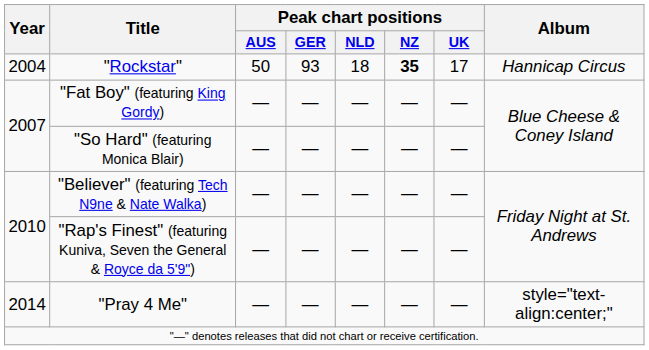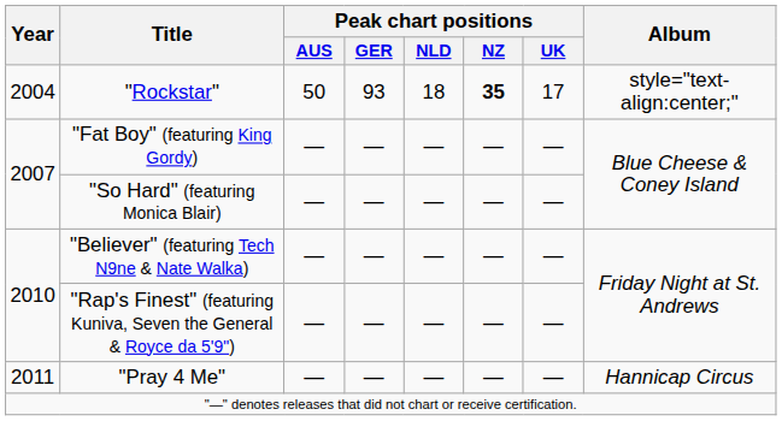 <table class="wikitable" style="text-align:center;">
 <tr>
 <th rowspan="2" style="width:33px;">Year</th>
 <th rowspan="2" style="width:170px;">Title</th>
 <th colspan="5">Peak chart positions</th>
 <th rowspan="2" style="width:145px;">Album</th>
 </tr>
 <tr>
 <th style="width:3em; font-size:85%"><a href='#'>AUS</a><br></th>
 <th style="width:3em; font-size:85%"><a href='#'>GER</a><br></th>
 <th style="width:3em; font-size:85%"><a href='#'>NLD</a><br></th>
 <th style="width:3em; font-size:85%"><a href='#'>NZ</a><br></th>
 <th style="width:3em; font-size:85%"><a href='#'>UK</a><br></th>
 </tr>
 <tr>
 <td style="text-align:center;">2004</td>
 <td>"<a href='#'>Rockstar</a>"</td>
 <td style="text-align:center;">50</td>
 <td style="text-align:center;">93</td>
 <td style="text-align:center;">18</td>
 <td style="text-align:center;"><strong>35</strong></td>
 <td style="text-align:center;">17</td>
-<td style="text-align:center;"><em>Hannicap Circus</em></td>
+<td>style="text-align:center;"</td>
 </tr>
 <tr>
 <td style="text-align:center;" rowspan="2">2007</td>
 <td>"Fat Boy" <small>(featuring <a href='#'>King Gordy</a>)</small></td>
 <td style="text-align:center;">—</td>
 <td style="text-align:center;">—</td>
 <td style="text-align:center;">—</td>
 <td style="text-align:center;">—</td>
 <td style="text-align:center;">—</td>
 <td style="text-align:center;" rowspan="2"><em>Blue Cheese & Coney Island</em></td>
 </tr>
 <tr>
 <td>"So Hard" <small>(featuring Monica Blair)</small></td>
 <td style="text-align:center;">—</td>
 <td style="text-align:center;">—</td>
 <td style="text-align:center;">—</td>
 <td style="text-align:center;">—</td>
 <td style="text-align:center;">—</td>
 </tr>
 <tr>
 <td style="text-align:center;" rowspan="2">2010</td>
 <td>"Believer" <small>(featuring <a href='#'>Tech N9ne</a> & <a href='#'>Nate Walka</a>)</small></td>
 <td style="text-align:center;">—</td>
 <td style="text-align:center;">—</td>
 <td style="text-align:center;">—</td>
 <td style="text-align:center;">—</td>
 <td style="text-align:center;">—</td>
 <td style="text-align:center;" rowspan="2"><em>Friday Night at St. Andrews</em></td>
 </tr>
 <tr>
 <td>"Rap's Finest" <small>(featuring Kuniva, Seven the General & <a href='#'>Royce da 5'9"</a>)</small></td>
 <td style="text-align:center;">—</td>
 <td style="text-align:center;">—</td>
 <td style="text-align:center;">—</td>
 <td style="text-align:center;">—</td>
 <td style="text-align:center;">—</td>
 </tr>
 <tr>
-<td style="text-align:center;">2014</td>
+<td style="text-align:center;">2011</td>
 <td>"Pray 4 Me"</td>
 <td style="text-align:center;">—</td>
 <td style="text-align:center;">—</td>
 <td style="text-align:center;">—</td>
 <td style="text-align:center;">—</td>
 <td style="text-align:center;">—</td>
-<td>style="text-align:center;"</td>
+<td style="text-align:center;"><em>Hannicap Circus</em></td>
 </tr>
 <tr>
 <td colspan="20" style="text-align:center; font-size:8pt;">"—" denotes releases that did not chart or receive certification.</td>
 </tr>
 </table>
